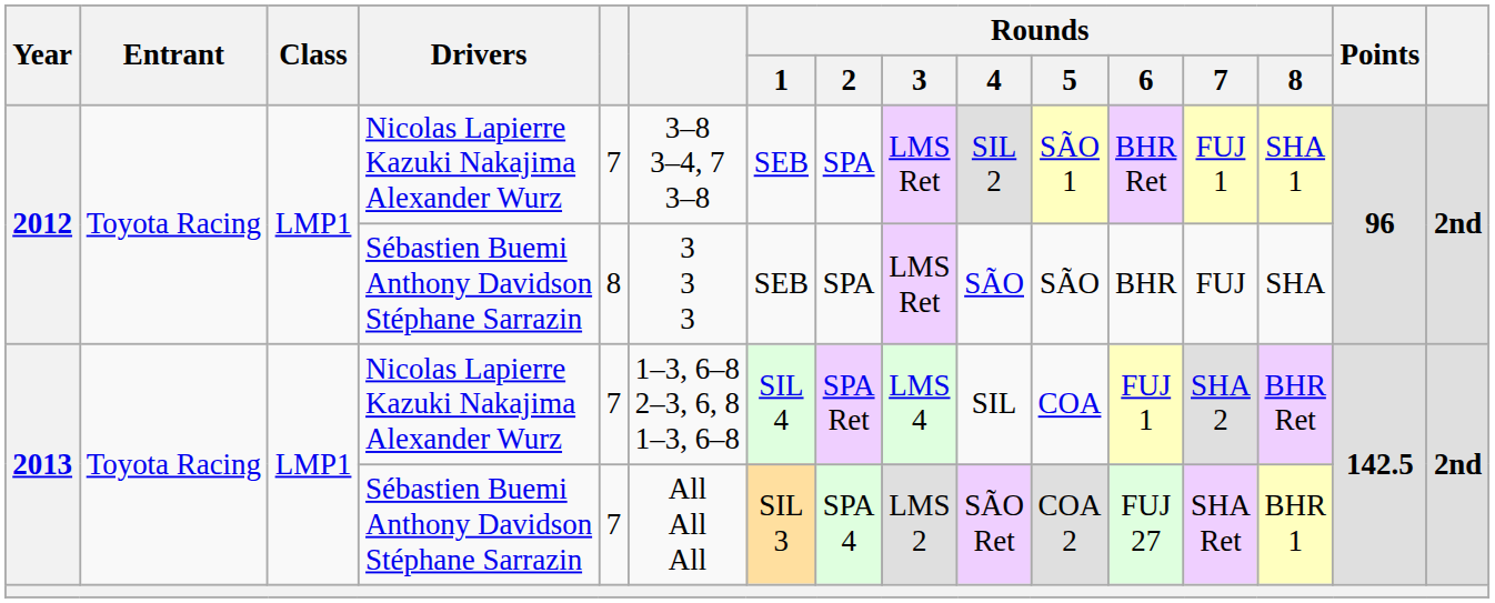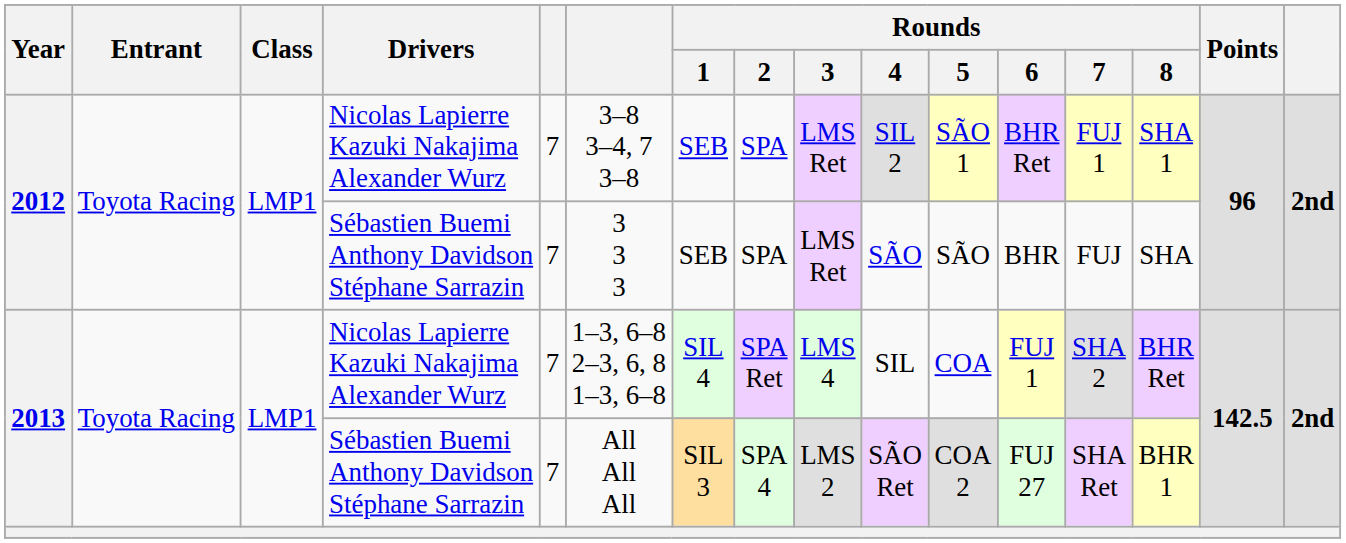 <table class="wikitable" style="text-align:center; font-size:90%">
 <tr>
 <th rowspan="2">Year</th>
 <th rowspan="2">Entrant</th>
 <th rowspan="2">Class</th>
 <th rowspan="2">Drivers</th>
 <th rowspan="2"></th>
 <th rowspan="2"></th>
 <th colspan="8">Rounds</th>
 <th rowspan="2">Points</th>
 <th rowspan="2" scope="col"></th>
 </tr>
 <tr>
 <th scope="col">1</th>
 <th scope="col">2</th>
 <th scope="col">3</th>
 <th scope="col">4</th>
 <th scope="col">5</th>
 <th scope="col">6</th>
 <th scope="col">7</th>
 <th scope="col">8</th>
 </tr>
 <tr>
 <th rowspan=2><a href='#'>2012</a></th>
 <td rowspan=2><a href='#'>Toyota Racing</a></td>
 <td rowspan=2><a href='#'>LMP1</a></td>
 <td align="left" style="border-left:0px"> <a href='#'>Nicolas Lapierre</a><br> <a href='#'>Kazuki Nakajima</a><br> <a href='#'>Alexander Wurz</a></td>
 <td>7</td>
 <td>3–8<br>3–4, 7<br>3–8</td>
 <td><a href='#'>SEB</a><br></td>
 <td><a href='#'>SPA</a> <br></td>
 <td style="background:#EFCFFF;"><a href='#'>LMS</a><br>Ret</td>
 <td style="background:#DFDFDF;"><a href='#'>SIL</a><br>2</td>
 <td style="background:#FFFFBF;"><a href='#'>SÃO</a><br>1</td>
 <td style="background:#EFCFFF;"><a href='#'>BHR</a><br>Ret</td>
 <td style="background:#FFFFBF;"><a href='#'>FUJ</a><br>1</td>
 <td style="background:#FFFFBF;"><a href='#'>SHA</a><br>1</td>
 <td rowspan="2"  style="background:#dfdfdf;"><strong>96</strong></td>
 <td rowspan="2" style="background:#dfdfdf;"><strong>2nd</strong></td>
 </tr>
 <tr>
 <td align="left" style="border-left:0px"> <a href='#'>Sébastien Buemi</a><br> <a href='#'>Anthony Davidson</a><br> <a href='#'>Stéphane Sarrazin</a></td>
-<td>8</td>
+<td>7</td>
 <td>3<br>3<br>3</td>
 <td>SEB<br></td>
 <td>SPA<br></td>
 <td style="background:#EFCFFF;">LMS<br>Ret</td>
 <td><a href='#'>SÃO</a><br></td>
 <td>SÃO<br></td>
 <td>BHR<br></td>
 <td>FUJ<br></td>
 <td>SHA<br></td>
 </tr>
 <tr>
 <th rowspan=2><a href='#'>2013</a></th>
 <td rowspan=2><a href='#'>Toyota Racing</a></td>
 <td rowspan=2><a href='#'>LMP1</a></td>
 <td align="left" style="border-left:0px"> <a href='#'>Nicolas Lapierre</a><br> <a href='#'>Kazuki Nakajima</a><br> <a href='#'>Alexander Wurz</a></td>
 <td>7</td>
 <td>1–3, 6–8<br>2–3, 6, 8<br>1–3, 6–8</td>
 <td style="background:#DFFFDF;"><a href='#'>SIL</a><br>4</td>
 <td style="background:#EFCFFF;"><a href='#'>SPA</a><br>Ret</td>
 <td style="background:#DFFFDF;"><a href='#'>LMS</a><br>4</td>
 <td>SIL<br></td>
 <td><a href='#'>COA</a><br></td>
 <td style="background:#FFFFBF;"><a href='#'>FUJ</a><br>1</td>
 <td style="background:#DFDFDF;"><a href='#'>SHA</a><br>2</td>
 <td style="background:#EFCFFF;"><a href='#'>BHR</a><br>Ret</td>
 <td rowspan="2" style="background:#dfdfdf;"><strong>142.5</strong></td>
 <td rowspan="2" style="background:#dfdfdf;"><strong>2nd</strong></td>
 </tr>
 <tr>
 <td align="left" style="border-left:0px"> <a href='#'>Sébastien Buemi</a><br> <a href='#'>Anthony Davidson</a><br> <a href='#'>Stéphane Sarrazin</a></td>
 <td>7</td>
 <td>All<br>All<br>All</td>
 <td style="background:#FFDF9F;">SIL<br>3</td>
 <td style="background:#DFFFDF;">SPA<br>4</td>
 <td style="background:#DFDFDF;">LMS<br>2</td>
 <td style="background:#EFCFFF;">SÃO<br>Ret</td>
 <td style="background:#DFDFDF;">COA<br>2</td>
 <td style="background:#DFFFDF;">FUJ<br>27</td>
 <td style="background:#EFCFFF;">SHA<br>Ret</td>
 <td style="background:#FFFFBF;">BHR<br>1</td>
 </tr>
 <tr>
 <th colspan="17"></th>
 </tr>
 </table>
